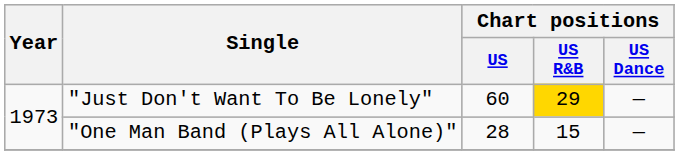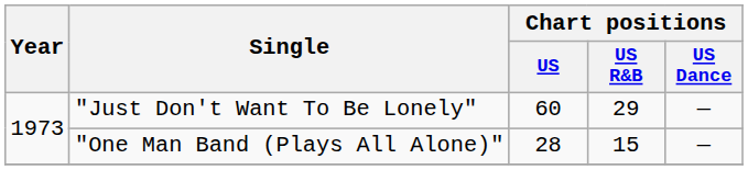 <table class="wikitable" style="text-align:center;">
 <tr>
 <th rowspan="2">Year</th>
 <th rowspan="2">Single</th>
 <th colspan="3">Chart positions</th>
 </tr>
 <tr style="font-size:smaller;">
 <th width="40"><a href='#'>US</a></th>
 <th width="40"><a href='#'>US<br>R&B</a></th>
 <th width="40"><a href='#'>US<br>Dance</a></th>
 </tr>
 <tr>
 <td rowspan="2">1973</td>
 <td align="left">"Just Don't Want To Be Lonely"</td>
 <td>60</td>
-<td style="background: gold;">29</td>
+<td>29</td>
 <td>—</td>
 </tr>
 <tr>
 <td align="left">"One Man Band (Plays All Alone)"</td>
 <td>28</td>
 <td>15</td>
 <td>—</td>
 </tr>
 <tr>
 </tr>
 </table>
